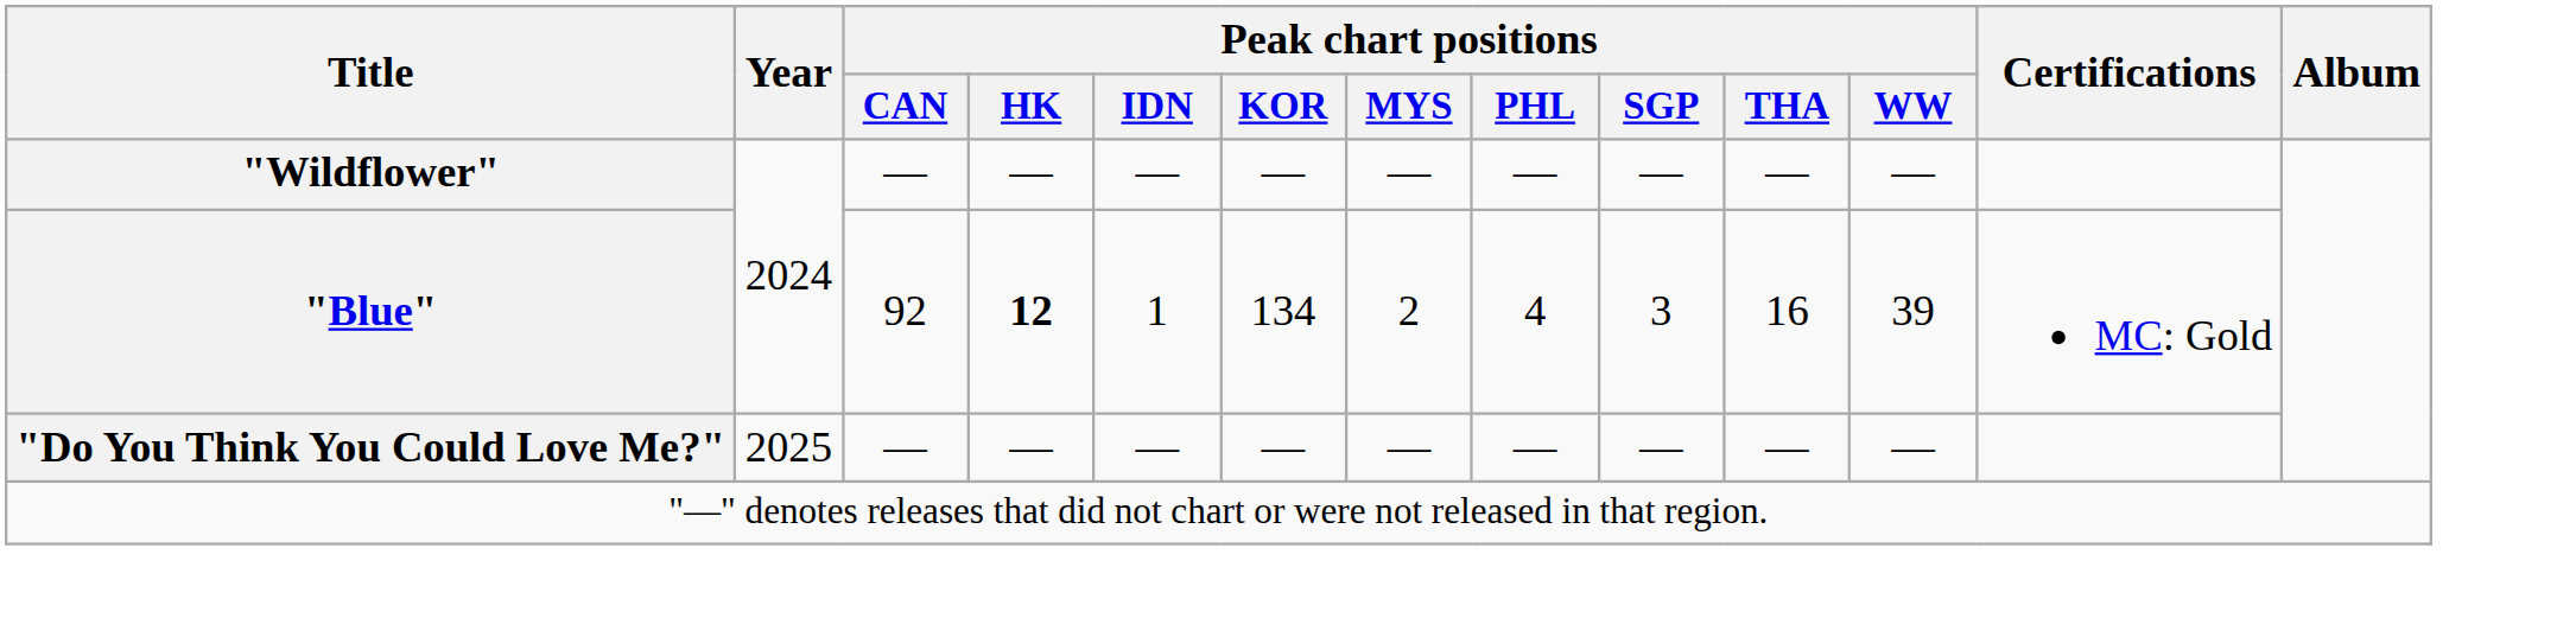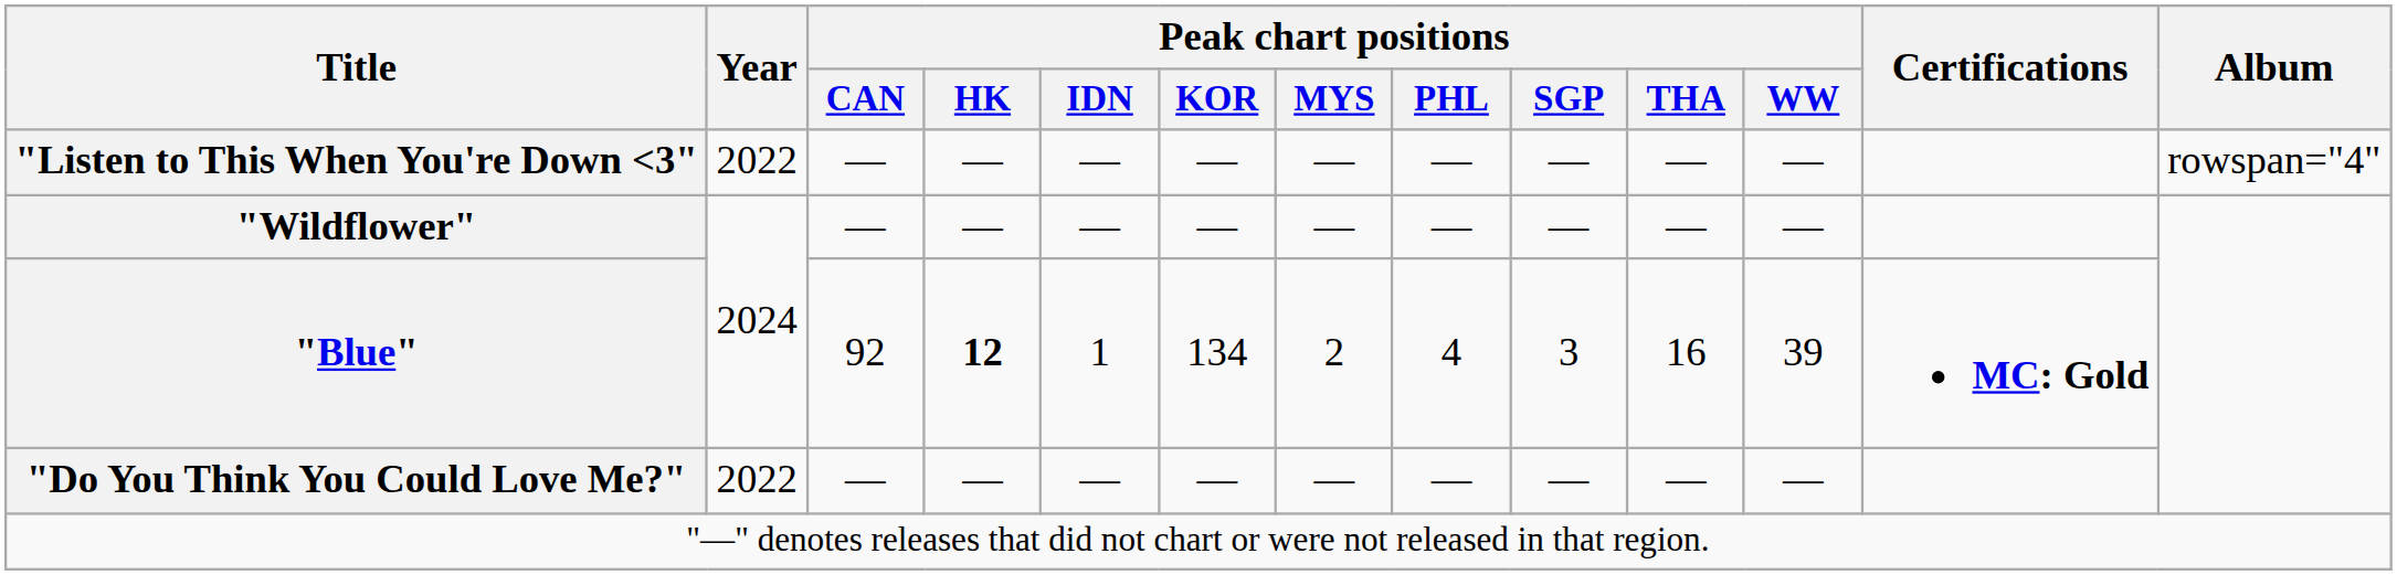 <table class="wikitable plainrowheaders" style="text-align:center">
 <tr>
 <th scope="col" rowspan="2">Title</th>
 <th scope="col" rowspan="2">Year</th>
 <th scope="col" colspan="9">Peak chart positions</th>
 <th scope="col" rowspan="2">Certifications</th>
 <th scope="col" rowspan="2">Album</th>
 </tr>
 <tr>
 <th scope="col" style="width:2.75em;font-size:90%"><a href='#'>CAN</a><br></th>
 <th scope="col" style="width:2.75em;font-size:90%"><a href='#'>HK</a><br></th>
 <th scope="col" style="width:2.75em;font-size:90%"><a href='#'>IDN</a><br></th>
 <th scope="col" style="width:2.75em;font-size:90%"><a href='#'>KOR</a><br></th>
 <th scope="col" style="width:2.75em;font-size:90%"><a href='#'>MYS</a><br></th>
 <th scope="col" style="width:2.75em;font-size:90%"><a href='#'>PHL</a><br></th>
 <th scope="col" style="width:2.75em;font-size:90%"><a href='#'>SGP</a><br></th>
 <th scope="col" style="width:2.75em;font-size:90%"><a href='#'>THA</a><br></th>
 <th scope="col" style="width:2.75em;font-size:90%"><a href='#'>WW</a><br></th>
+</tr>
+<tr>
+<th scope="row">"Listen to This When You're Down <3"</th>
+<td>2022</td>
+<td>—</td>
+<td>—</td>
+<td>—</td>
+<td>—</td>
+<td>—</td>
+<td>—</td>
+<td>—</td>
+<td>—</td>
+<td>—</td>
+<td></td>
+<td>rowspan="4" </td>
 </tr>
 <tr>
 <th scope="row">"Wildflower"</th>
 <td rowspan="2">2024</td>
 <td>—</td>
 <td>—</td>
 <td>—</td>
 <td>—</td>
 <td>—</td>
 <td>—</td>
 <td>—</td>
 <td>—</td>
 <td>—</td>
 <td></td>
 </tr>
 <tr>
 <th scope="row">"<a href='#'>Blue</a>"</th>
 <td>92</td>
 <td><strong>12</strong></td>
 <td>1</td>
 <td>134</td>
 <td>2</td>
 <td>4</td>
 <td>3</td>
 <td>16</td>
 <td>39</td>
-<td><br><ul><li><a href='#'>MC</a>: Gold</li></ul></td>
+<td><strong><br><ul><li><a href='#'>MC</a>: Gold</li></ul></strong></td>
 </tr>
 <tr>
 <th scope="row">"Do You Think You Could Love Me?"</th>
-<td>2025</td>
+<td>2022</td>
 <td>—</td>
 <td>—</td>
 <td>—</td>
 <td>—</td>
 <td>—</td>
 <td>—</td>
 <td>—</td>
 <td>—</td>
 <td>—</td>
 <td></td>
 </tr>
 <tr>
 <td colspan="13" style="font-size:85%">"—" denotes releases that did not chart or were not released in that region.</td>
 </tr>
 </table>
